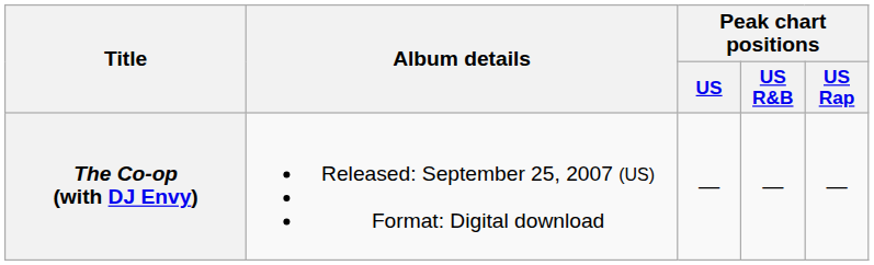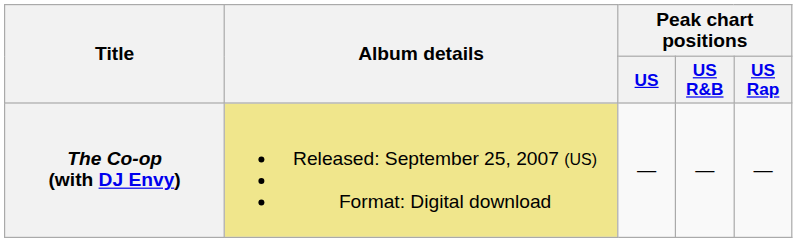 <table class="wikitable plainrowheaders" style="text-align:center;">
 <tr>
 <th scope="col" rowspan="2" style="width:11em;">Title</th>
 <th scope="col" rowspan="2" style="width:20em;">Album details</th>
 <th scope="col" colspan="3">Peak chart positions</th>
 </tr>
 <tr>
 <th scope="col" style="width:2.9em;font-size:90%;"><a href='#'>US</a></th>
 <th scope="col" style="width:2.9em;font-size:90%;"><a href='#'>US<br>R&B</a></th>
 <th scope="col" style="width:2.9em;font-size:90%;"><a href='#'>US<br>Rap</a></th>
 </tr>
 <tr>
 <th scope="row"><em>The Co-op</em><br><span>(with <a href='#'>DJ Envy</a>)</span></th>
-<td><br><ul><li>Released: September 25, 2007 <small>(US)</small></li><li></li><li>Format: Digital download</li></ul></td>
+<td style="background: khaki;"><br><ul><li>Released: September 25, 2007 <small>(US)</small></li><li></li><li>Format: Digital download</li></ul></td>
 <td>—</td>
 <td>—</td>
 <td>—</td>
 </tr>
 </table>
